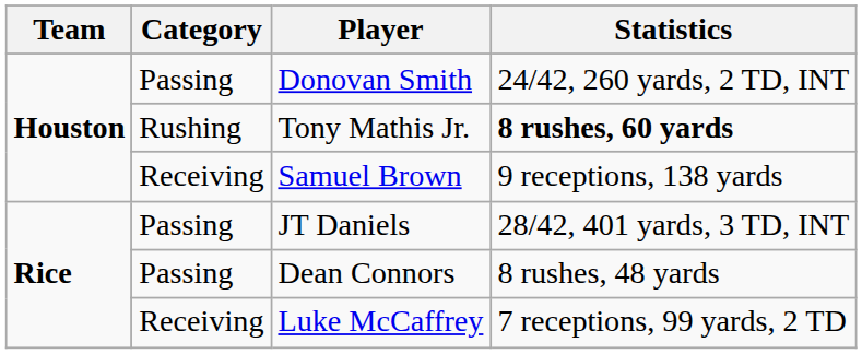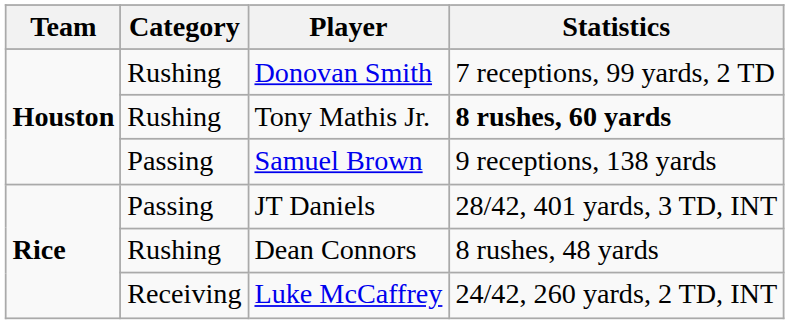 <table class="wikitable" style="float: right;">
 <tr>
 <th>Team</th>
 <th>Category</th>
 <th>Player</th>
 <th>Statistics</th>
 </tr>
 <tr>
 <td rowspan=3><strong>Houston</strong></td>
-<td>Passing</td>
+<td>Rushing</td>
 <td><a href='#'>Donovan Smith</a></td>
-<td>24/42, 260 yards, 2 TD, INT</td>
+<td>7 receptions, 99 yards, 2 TD</td>
 </tr>
 <tr>
 <td>Rushing</td>
 <td>Tony Mathis Jr.</td>
 <td><strong>8 rushes, 60 yards</strong></td>
 </tr>
 <tr>
-<td>Receiving</td>
+<td>Passing</td>
 <td><a href='#'>Samuel Brown</a></td>
 <td>9 receptions, 138 yards</td>
 </tr>
 <tr>
 <td rowspan=3><strong>Rice</strong></td>
 <td>Passing</td>
 <td>JT Daniels</td>
 <td>28/42, 401 yards, 3 TD, INT</td>
 </tr>
 <tr>
-<td>Passing</td>
+<td>Rushing</td>
 <td>Dean Connors</td>
 <td>8 rushes, 48 yards</td>
 </tr>
 <tr>
 <td>Receiving</td>
 <td><a href='#'>Luke McCaffrey</a></td>
-<td>7 receptions, 99 yards, 2 TD</td>
+<td>24/42, 260 yards, 2 TD, INT</td>
 </tr>
 </table>
